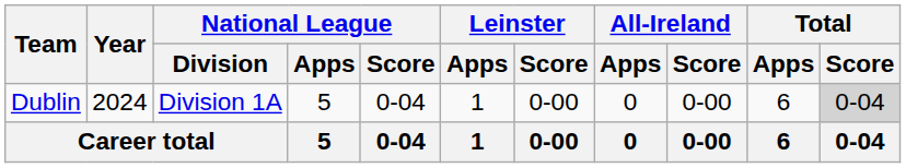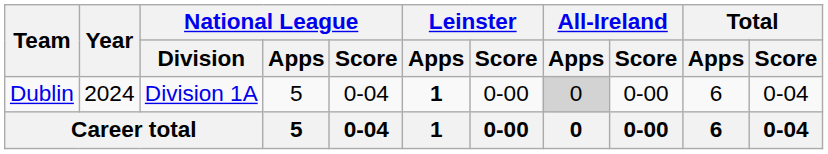 <table class="wikitable" style="text-align:center">
 <tr>
 <th rowspan="2">Team</th>
 <th rowspan="2">Year</th>
 <th colspan="3"><a href='#'>National League</a></th>
 <th colspan="2"><a href='#'>Leinster</a></th>
 <th colspan="2"><a href='#'>All-Ireland</a></th>
 <th colspan="2">Total</th>
 </tr>
 <tr>
 <th>Division</th>
 <th>Apps</th>
 <th>Score</th>
 <th>Apps</th>
 <th>Score</th>
 <th>Apps</th>
 <th>Score</th>
 <th>Apps</th>
 <th>Score</th>
 </tr>
 <tr>
 <td rowspan="1"><a href='#'>Dublin</a></td>
 <td>2024</td>
 <td rowspan="1"><a href='#'>Division 1A</a></td>
 <td>5</td>
 <td>0-04</td>
-<td>1</td>
+<td><strong>1</strong></td>
 <td>0-00</td>
-<td>0</td>
+<td style="background: lightgrey;">0</td>
 <td>0-00</td>
 <td>6</td>
-<td style="background: lightgrey;">0-04</td>
+<td>0-04</td>
 </tr>
 <tr>
 <th colspan="3">Career total</th>
 <th>5</th>
 <th>0-04</th>
 <th>1</th>
 <th>0-00</th>
 <th>0</th>
 <th>0-00</th>
 <th>6</th>
 <th>0-04</th>
 </tr>
 </table>
